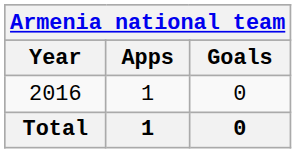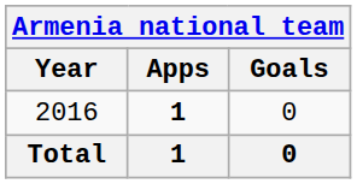 <table class="wikitable" style="text-align:center">
 <tr>
 <th colspan=3><a href='#'>Armenia national team</a></th>
 </tr>
 <tr>
 <th>Year</th>
 <th>Apps</th>
 <th>Goals</th>
 </tr>
 <tr>
 <td>2016</td>
-<td>1</td>
+<td><strong>1</strong></td>
 <td>0</td>
 </tr>
 <tr>
 <th>Total</th>
 <th>1</th>
 <th>0</th>
 </tr>
 </table>
